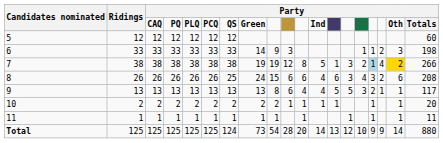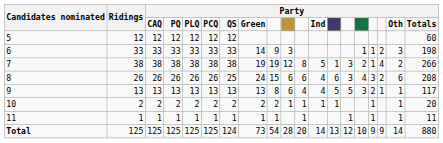 <table class="wikitable" style="text-align:right;">
 <tr>
 <th rowspan="2">Candidates nominated</th>
 <th rowspan="2">Ridings</th>
 <th colspan="17">Party</th>
 </tr>
 <tr>
 <td><strong>CAQ</strong></td>
 <td><strong>PQ</strong></td>
 <td><strong>PLQ</strong></td>
 <td><strong>PCQ</strong></td>
 <td><strong>QS</strong></td>
 <td><strong>Green</strong></td>
 <td><strong></strong></td>
 <td style="background-color:#be9538;" align="center"><strong></strong></td>
 <td><strong></strong></td>
 <td><strong>Ind</strong></td>
 <td style="background:#40396A; color: white" align="center"><strong></strong></td>
 <td><strong></strong></td>
 <td style="background:#177245; color: white" align="center"><strong></strong></td>
 <td><strong></strong></td>
 <td><strong></strong></td>
 <td><strong>Oth</strong></td>
 <th>Totals</th>
 </tr>
 <tr>
 <td style="text-align:left;">5</td>
 <td>12</td>
 <td>12</td>
 <td>12</td>
 <td>12</td>
 <td>12</td>
 <td>12</td>
 <td></td>
 <td></td>
 <td></td>
 <td></td>
 <td></td>
 <td></td>
 <td></td>
 <td></td>
 <td></td>
 <td></td>
 <td></td>
 <td>60</td>
 </tr>
 <tr>
 <td style="text-align:left;">6</td>
 <td>33</td>
 <td>33</td>
 <td>33</td>
 <td>33</td>
 <td>33</td>
 <td>33</td>
 <td>14</td>
 <td>9</td>
 <td>3</td>
 <td></td>
 <td></td>
 <td></td>
 <td></td>
 <td>1</td>
 <td>1</td>
 <td>2</td>
 <td>3</td>
 <td>198</td>
 </tr>
 <tr>
 <td style="text-align:left;">7</td>
 <td>38</td>
 <td>38</td>
 <td>38</td>
 <td>38</td>
 <td>38</td>
 <td>38</td>
 <td>19</td>
 <td>19</td>
 <td>12</td>
 <td>8</td>
 <td>5</td>
 <td>1</td>
 <td>3</td>
 <td>2</td>
-<td style="background: lightblue;">1</td>
+<td>1</td>
 <td>4</td>
-<td style="background: gold;">2</td>
+<td>2</td>
 <td>266</td>
 </tr>
 <tr>
 <td style="text-align:left;">8</td>
 <td>26</td>
 <td>26</td>
 <td>26</td>
 <td>26</td>
 <td>26</td>
 <td>25</td>
 <td>24</td>
 <td>15</td>
 <td>6</td>
 <td>6</td>
 <td>4</td>
 <td>6</td>
 <td>3</td>
 <td>4</td>
 <td>3</td>
 <td>2</td>
 <td>6</td>
 <td>208</td>
 </tr>
 <tr>
 <td style="text-align:left;">9</td>
 <td>13</td>
 <td>13</td>
 <td>13</td>
 <td>13</td>
 <td>13</td>
 <td>13</td>
 <td>13</td>
 <td>8</td>
 <td>6</td>
 <td>4</td>
 <td>4</td>
 <td>5</td>
 <td>5</td>
 <td>3</td>
 <td>2</td>
 <td>1</td>
 <td>1</td>
 <td>117</td>
 </tr>
 <tr>
 <td style="text-align:left;">10</td>
 <td>2</td>
 <td>2</td>
 <td>2</td>
 <td>2</td>
 <td>2</td>
 <td>2</td>
 <td>2</td>
 <td>2</td>
 <td>1</td>
 <td>1</td>
 <td>1</td>
 <td>1</td>
 <td></td>
 <td></td>
 <td>1</td>
 <td></td>
 <td>1</td>
 <td>20</td>
 </tr>
 <tr>
 <td style="text-align:left;">11</td>
 <td>1</td>
 <td>1</td>
 <td>1</td>
 <td>1</td>
 <td>1</td>
 <td>1</td>
 <td>1</td>
 <td>1</td>
 <td></td>
 <td>1</td>
 <td></td>
 <td></td>
 <td>1</td>
 <td></td>
 <td>1</td>
 <td></td>
 <td>1</td>
 <td>11</td>
 </tr>
 <tr>
 <td style="text-align:left;"><strong>Total</strong></td>
 <td>125</td>
 <td>125</td>
 <td>125</td>
 <td>125</td>
 <td>125</td>
 <td>124</td>
 <td>73</td>
 <td>54</td>
 <td>28</td>
 <td>20</td>
 <td>14</td>
 <td>13</td>
 <td>12</td>
 <td>10</td>
 <td>9</td>
 <td>9</td>
 <td>14</td>
 <td>880</td>
 </tr>
 </table>
